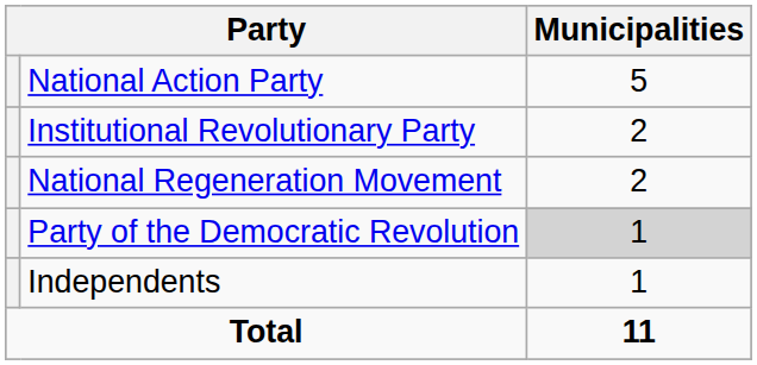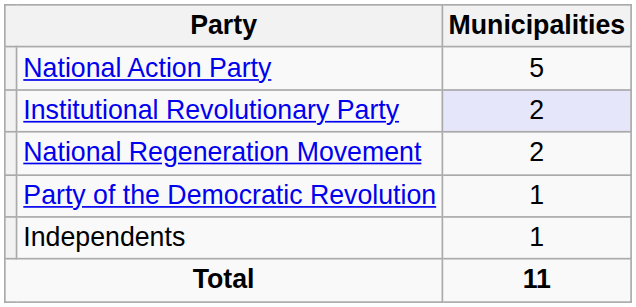 <table class="wikitable" style="text-align:center;">
 <tr>
 <th colspan="2">Party</th>
 <th>Municipalities</th>
 </tr>
 <tr>
 <th style="background-color:"></th>
 <td style="text-align:left;"><a href='#'>National Action Party</a></td>
 <td>5</td>
 </tr>
 <tr>
 <th style="background-color:"></th>
 <td style="text-align:left;"><a href='#'>Institutional Revolutionary Party</a></td>
-<td>2</td>
+<td style="background: lavender;">2</td>
 </tr>
 <tr>
 <th style="background-color:"></th>
 <td style="text-align:left;"><a href='#'>National Regeneration Movement</a></td>
 <td>2</td>
 </tr>
 <tr>
 <th style="background-color:"></th>
 <td style="text-align:left;"><a href='#'>Party of the Democratic Revolution</a></td>
-<td style="background: lightgrey;">1</td>
+<td>1</td>
 </tr>
 <tr>
 <th style="background-color:"></th>
 <td style="text-align:left;">Independents</td>
 <td>1</td>
 </tr>
 <tr>
 <td colspan="2"><strong>Total</strong></td>
 <td><strong>11</strong></td>
 </tr>
 </table>
